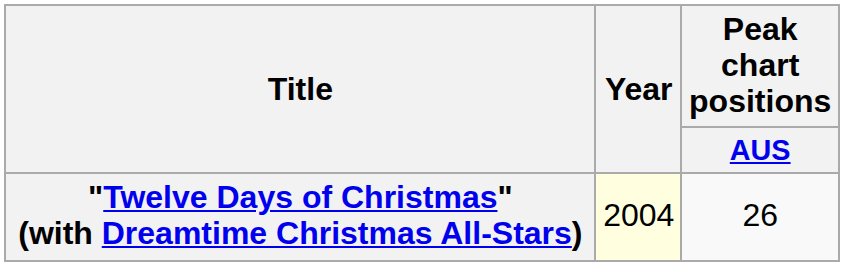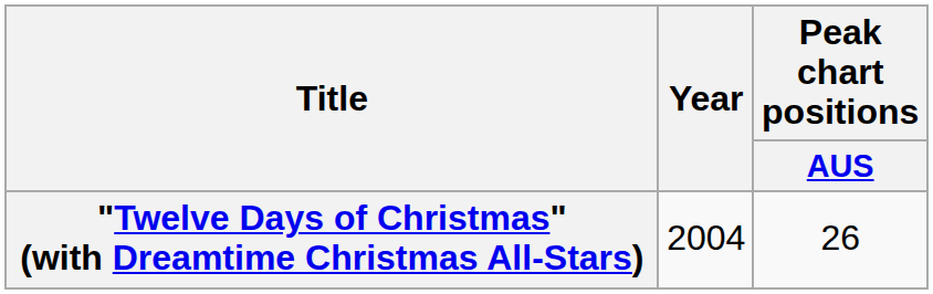 <table class="wikitable plainrowheaders" style="text-align:center;">
 <tr>
 <th scope="col" rowspan="2" style="width:18em;">Title</th>
 <th scope="col" rowspan="2" style="width:1em;">Year</th>
 <th scope="col" colspan="1">Peak chart positions</th>
 </tr>
 <tr>
 <th scope="col" style="width:3em;font-size:90%;"><a href='#'>AUS</a><br></th>
 </tr>
 <tr>
 <th scope="row">"<a href='#'>Twelve Days of Christmas</a>"<br><span>(with <a href='#'>Dreamtime Christmas All-Stars</a>)</span></th>
-<td style="background: lightyellow;">2004</td>
+<td>2004</td>
 <td>26</td>
 </tr>
 </table>
